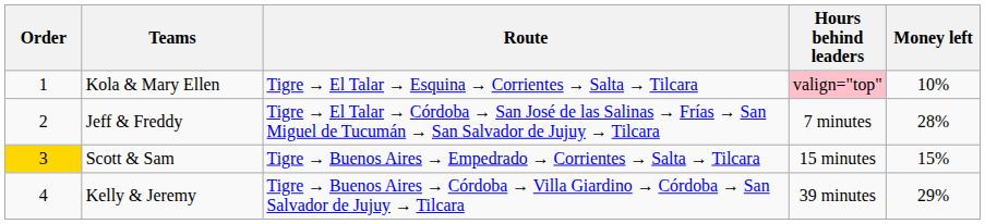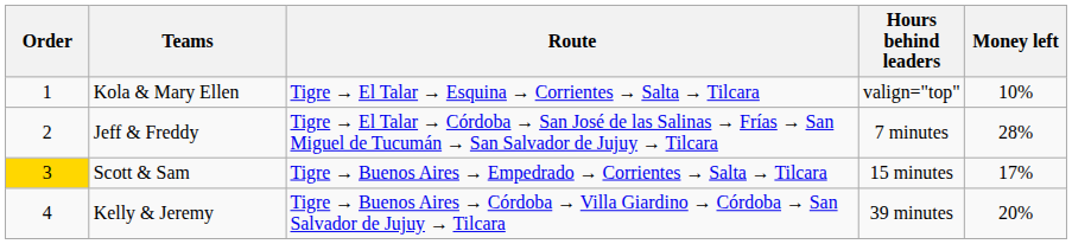 <table class="wikitable sortable" style="text-align:center">
 <tr>
 <th style="width:4em">Order</th>
 <th style="width:10em">Teams</th>
 <th style="width:30em">Route</th>
 <th style="width:5em">Hours behind leaders</th>
 <th style="width:5em">Money left</th>
 </tr>
 <tr>
 <td>1</td>
 <td style="text-align:left">Kola & Mary Ellen</td>
 <td style="text-align:left"><a href='#'>Tigre</a>  → <a href='#'>El Talar</a>  → <a href='#'>Esquina</a>  → <a href='#'>Corrientes</a>  → <a href='#'>Salta</a>  → <a href='#'>Tilcara</a></td>
-<td style="background: pink;">valign="top" </td>
+<td>valign="top" </td>
 <td>10%</td>
 </tr>
 <tr>
 <td>2</td>
 <td style="text-align:left">Jeff & Freddy</td>
 <td style="text-align:left"><a href='#'>Tigre</a>  → <a href='#'>El Talar</a>  → <a href='#'>Córdoba</a>  → <a href='#'>San José de las Salinas</a>  → <a href='#'>Frías</a>  → <a href='#'>San Miguel de Tucumán</a>  → <a href='#'>San Salvador de Jujuy</a>  → <a href='#'>Tilcara</a></td>
 <td>7 minutes</td>
 <td>28%</td>
 </tr>
 <tr>
 <td style="background: gold;">3</td>
 <td style="text-align:left">Scott & Sam</td>
 <td style="text-align:left"><a href='#'>Tigre</a>  → <a href='#'>Buenos Aires</a>  → <a href='#'>Empedrado</a>  → <a href='#'>Corrientes</a>  → <a href='#'>Salta</a>  → <a href='#'>Tilcara</a></td>
 <td>15 minutes</td>
-<td>15%</td>
+<td>17%</td>
 </tr>
 <tr>
 <td>4</td>
 <td style="text-align:left">Kelly & Jeremy</td>
 <td style="text-align:left"><a href='#'>Tigre</a>  → <a href='#'>Buenos Aires</a>  → <a href='#'>Córdoba</a> → <a href='#'>Villa Giardino</a>  → <a href='#'>Córdoba</a>  → <a href='#'>San Salvador de Jujuy</a>  → <a href='#'>Tilcara</a></td>
 <td>39 minutes</td>
-<td>29%</td>
+<td>20%</td>
 </tr>
 <tr>
 </tr>
 </table>
